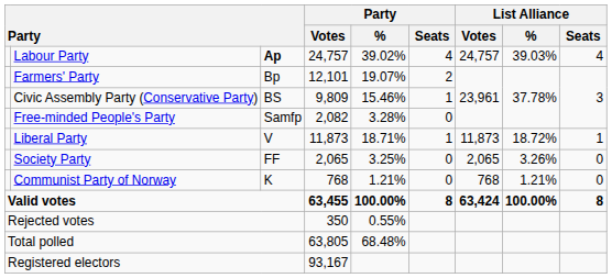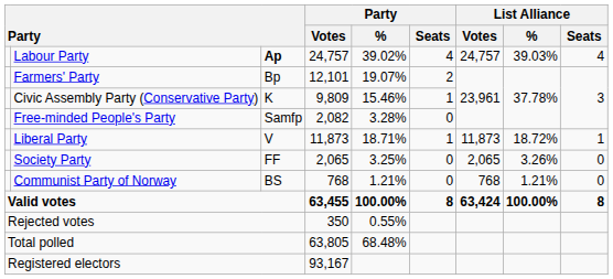 <table class="wikitable" border="1" style="text-align:right;">
 <tr>
 <th style="text-align:left;" valign=bottom rowspan=2 colspan=3>Party</th>
 <th colspan=3>Party</th>
 <th colspan=3>List Alliance</th>
 </tr>
 <tr>
 <th align=center valign=bottom width="50">Votes</th>
 <th align=center valign=bottom width="50">%</th>
 <th align=center valign=bottom width="50">Seats</th>
 <th align=center valign=bottom width="50">Votes</th>
 <th align=center valign=bottom width="50">%</th>
 <th align=center valign=bottom width="50">Seats</th>
 </tr>
 <tr>
 <td style="color:inherit;background:"></td>
 <td align=left><a href='#'>Labour Party</a></td>
 <td align=left><strong>Ap</strong></td>
 <td>24,757</td>
 <td>39.02%</td>
 <td>4</td>
 <td>24,757</td>
 <td>39.03%</td>
 <td>4</td>
 </tr>
 <tr>
 <td style="color:inherit;background:"></td>
 <td align=left><a href='#'>Farmers' Party</a></td>
 <td align=left>Bp</td>
 <td>12,101</td>
 <td>19.07%</td>
 <td>2</td>
 <td rowspan=3>23,961</td>
 <td rowspan=3>37.78%</td>
 <td rowspan=3>3</td>
 </tr>
 <tr>
 <td></td>
 <td align=left>Civic Assembly Party (<a href='#'>Conservative Party</a>)</td>
-<td align=left>BS</td>
+<td align=left>K</td>
 <td>9,809</td>
 <td>15.46%</td>
 <td>1</td>
 </tr>
 <tr>
 <td style="color:inherit;background:"></td>
 <td align=left><a href='#'>Free-minded People's Party</a></td>
 <td align=left>Samfp</td>
 <td>2,082</td>
 <td>3.28%</td>
 <td>0</td>
 </tr>
 <tr>
 <td style="color:inherit;background:"></td>
 <td align=left><a href='#'>Liberal Party</a></td>
 <td align=left>V</td>
 <td>11,873</td>
 <td>18.71%</td>
 <td>1</td>
 <td>11,873</td>
 <td>18.72%</td>
 <td>1</td>
 </tr>
 <tr>
 <td></td>
 <td align=left><a href='#'>Society Party</a></td>
 <td align=left>FF</td>
 <td>2,065</td>
 <td>3.25%</td>
 <td>0</td>
 <td>2,065</td>
 <td>3.26%</td>
 <td>0</td>
 </tr>
 <tr>
 <td style="color:inherit;background:"></td>
 <td align=left><a href='#'>Communist Party of Norway</a></td>
-<td align=left>K</td>
+<td align=left>BS</td>
 <td>768</td>
 <td>1.21%</td>
 <td>0</td>
 <td>768</td>
 <td>1.21%</td>
 <td>0</td>
 </tr>
 <tr style="font-weight:bold">
 <td align=left colspan=3>Valid votes</td>
 <td>63,455</td>
 <td>100.00%</td>
 <td>8</td>
 <td>63,424</td>
 <td>100.00%</td>
 <td>8</td>
 </tr>
 <tr>
 <td align=left colspan=3>Rejected votes</td>
 <td>350</td>
 <td>0.55%</td>
 <td></td>
 <td></td>
 <td></td>
 <td></td>
 </tr>
 <tr>
 <td align=left colspan=3>Total polled</td>
 <td>63,805</td>
 <td>68.48%</td>
 <td></td>
 <td></td>
 <td></td>
 <td></td>
 </tr>
 <tr>
 <td align=left colspan=3>Registered electors</td>
 <td>93,167</td>
 <td></td>
 <td></td>
 <td></td>
 <td></td>
 <td></td>
 </tr>
 </table>
